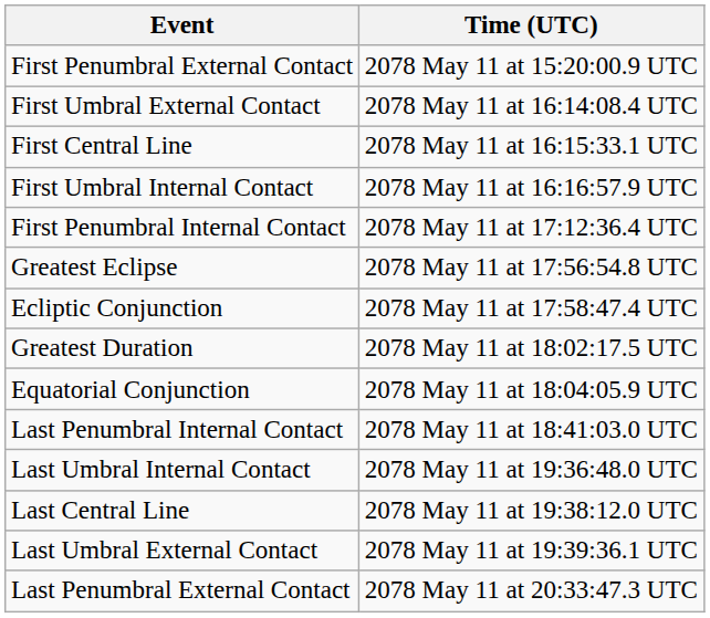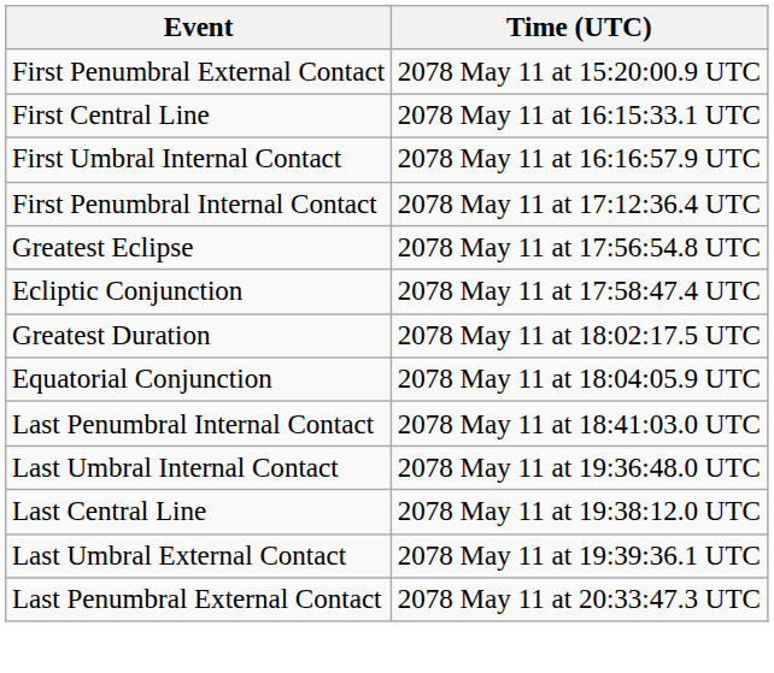 <table class="wikitable">
 <tr>
 <th>Event</th>
 <th>Time (UTC)</th>
 </tr>
 <tr>
 <td>First Penumbral External Contact</td>
 <td>2078 May 11 at 15:20:00.9 UTC</td>
-</tr>
-<tr>
-<td>First Umbral External Contact</td>
-<td>2078 May 11 at 16:14:08.4 UTC</td>
 </tr>
 <tr>
 <td>First Central Line</td>
 <td>2078 May 11 at 16:15:33.1 UTC</td>
 </tr>
 <tr>
 <td>First Umbral Internal Contact</td>
 <td>2078 May 11 at 16:16:57.9 UTC</td>
 </tr>
 <tr>
 <td>First Penumbral Internal Contact</td>
 <td>2078 May 11 at 17:12:36.4 UTC</td>
 </tr>
 <tr>
 <td>Greatest Eclipse</td>
 <td>2078 May 11 at 17:56:54.8 UTC</td>
 </tr>
 <tr>
 <td>Ecliptic Conjunction</td>
 <td>2078 May 11 at 17:58:47.4 UTC</td>
 </tr>
 <tr>
 <td>Greatest Duration</td>
 <td>2078 May 11 at 18:02:17.5 UTC</td>
 </tr>
 <tr>
 <td>Equatorial Conjunction</td>
 <td>2078 May 11 at 18:04:05.9 UTC</td>
 </tr>
 <tr>
 <td>Last Penumbral Internal Contact</td>
 <td>2078 May 11 at 18:41:03.0 UTC</td>
 </tr>
 <tr>
 <td>Last Umbral Internal Contact</td>
 <td>2078 May 11 at 19:36:48.0 UTC</td>
 </tr>
 <tr>
 <td>Last Central Line</td>
 <td>2078 May 11 at 19:38:12.0 UTC</td>
 </tr>
 <tr>
 <td>Last Umbral External Contact</td>
 <td>2078 May 11 at 19:39:36.1 UTC</td>
 </tr>
 <tr>
 <td>Last Penumbral External Contact</td>
 <td>2078 May 11 at 20:33:47.3 UTC</td>
 </tr>
 </table>
